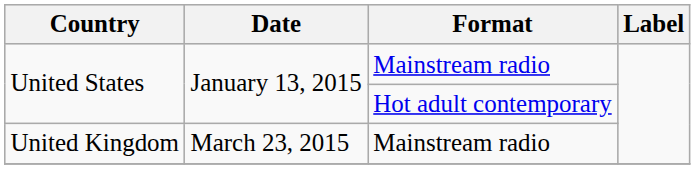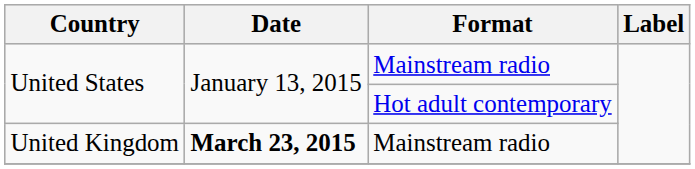 <table class="wikitable plainrowheaders">
 <tr>
 <th scope="col">Country</th>
 <th scope="col">Date</th>
 <th scope="col">Format</th>
 <th scope="col">Label</th>
 </tr>
 <tr>
 <td rowspan="2">United States</td>
 <td rowspan="2">January 13, 2015</td>
 <td><a href='#'>Mainstream radio</a></td>
 <td rowspan="3"></td>
 </tr>
 <tr>
 <td rowspan="1"><a href='#'>Hot adult contemporary</a></td>
 </tr>
 <tr>
 <td>United Kingdom</td>
-<td>March 23, 2015</td>
+<td><strong>March 23, 2015</strong></td>
 <td>Mainstream radio</td>
 </tr>
 <tr>
 </tr>
 </table>
